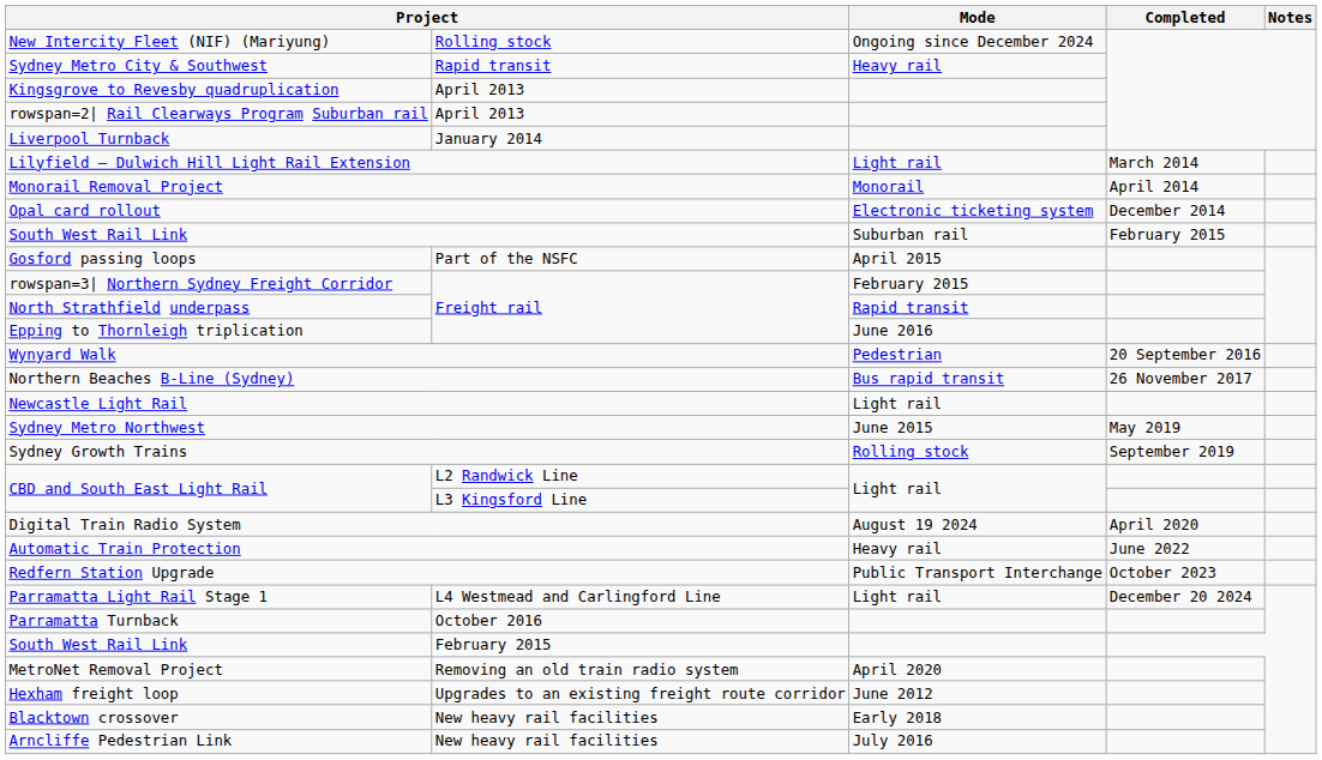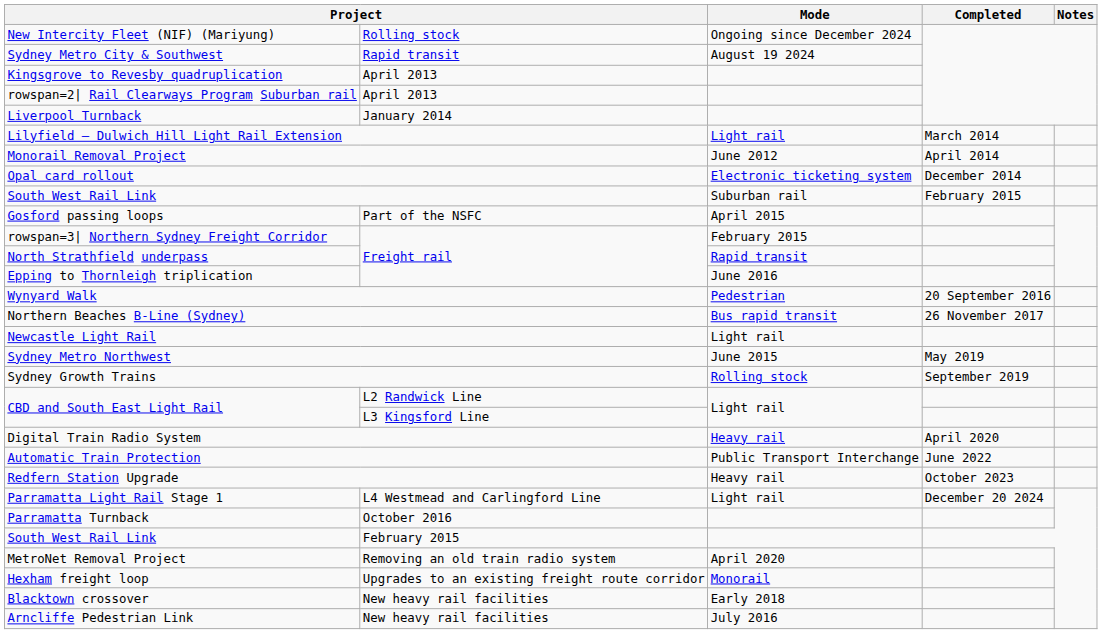 <table class="wikitable sortable">
 <tr>
 <th colspan=2>Project</th>
 <th>Mode</th>
 <th>Completed</th>
 <th>Notes</th>
 </tr>
 <tr>
 <td><a href='#'>New Intercity Fleet</a> (NIF) (Mariyung)</td>
 <td><a href='#'>Rolling stock</a></td>
 <td>Ongoing since December 2024</td>
 </tr>
 <tr>
 <td><a href='#'>Sydney Metro City & Southwest</a></td>
 <td><a href='#'>Rapid transit</a></td>
-<td><a href='#'>Heavy rail</a></td>
+<td>August 19 2024</td>
 </tr>
 <tr>
 <td><a href='#'>Kingsgrove to Revesby quadruplication</a></td>
 <td>April 2013</td>
 <td></td>
 </tr>
 <tr>
 <td>rowspan=2| <a href='#'>Rail Clearways Program</a> <a href='#'>Suburban rail</a></td>
 <td>April 2013</td>
 <td></td>
 </tr>
 <tr>
 <td><a href='#'>Liverpool Turnback</a></td>
 <td>January 2014</td>
 <td></td>
 </tr>
 <tr>
 <td colspan=2><a href='#'>Lilyfield – Dulwich Hill Light Rail Extension</a></td>
 <td><a href='#'>Light rail</a></td>
 <td>March 2014</td>
 <td></td>
 </tr>
 <tr>
 <td colspan=2><a href='#'>Monorail Removal Project</a></td>
-<td><a href='#'>Monorail</a></td>
+<td>June 2012</td>
 <td>April 2014</td>
 <td></td>
 </tr>
 <tr>
 <td colspan=2><a href='#'>Opal card rollout</a></td>
 <td><a href='#'>Electronic ticketing system</a></td>
 <td>December 2014</td>
 <td></td>
 </tr>
 <tr>
 <td colspan=2><a href='#'>South West Rail Link</a></td>
 <td>Suburban rail</td>
 <td>February 2015</td>
 <td></td>
 </tr>
 <tr>
 <td><a href='#'>Gosford</a> passing loops</td>
 <td>Part of the NSFC</td>
 <td>April 2015</td>
 <td></td>
 </tr>
 <tr>
 <td>rowspan=3| <a href='#'>Northern Sydney Freight Corridor</a></td>
 <td rowspan=3><a href='#'>Freight rail</a></td>
 <td>February 2015</td>
 <td></td>
 </tr>
 <tr>
 <td><a href='#'>North Strathfield</a> <a href='#'>underpass</a></td>
 <td><a href='#'>Rapid transit</a></td>
 <td></td>
 </tr>
 <tr>
 <td><a href='#'>Epping</a> to <a href='#'>Thornleigh</a> triplication</td>
 <td>June 2016</td>
 <td></td>
 </tr>
 <tr>
 <td colspan=2><a href='#'>Wynyard Walk</a></td>
 <td><a href='#'>Pedestrian</a></td>
 <td>20 September 2016</td>
 <td></td>
 </tr>
 <tr>
 <td colspan=2>Northern Beaches <a href='#'>B-Line (Sydney)</a></td>
 <td><a href='#'>Bus rapid transit</a></td>
 <td>26 November 2017</td>
 <td></td>
 </tr>
 <tr>
 <td colspan=2><a href='#'>Newcastle Light Rail</a></td>
 <td>Light rail</td>
 <td></td>
 <td></td>
 </tr>
 <tr>
 <td colspan=2><a href='#'>Sydney Metro Northwest</a></td>
 <td>June 2015</td>
 <td>May 2019</td>
 <td></td>
 </tr>
 <tr>
 <td colspan=2>Sydney Growth Trains</td>
 <td><a href='#'>Rolling stock</a></td>
 <td>September 2019</td>
 <td></td>
 </tr>
 <tr>
 <td rowspan=2><a href='#'>CBD and South East Light Rail</a></td>
 <td>L2 <a href='#'>Randwick</a> Line</td>
 <td rowspan=2>Light rail</td>
 <td></td>
 <td></td>
 </tr>
 <tr>
 <td>L3 <a href='#'>Kingsford</a> Line</td>
 <td></td>
 <td></td>
 </tr>
 <tr>
 <td colspan=2>Digital Train Radio System</td>
-<td>August 19 2024</td>
+<td><a href='#'>Heavy rail</a></td>
 <td>April 2020</td>
 <td></td>
 </tr>
 <tr>
 <td colspan=2><a href='#'>Automatic Train Protection</a></td>
-<td>Heavy rail</td>
+<td>Public Transport Interchange</td>
 <td>June 2022</td>
 <td></td>
 </tr>
 <tr>
 <td colspan=2><a href='#'>Redfern Station</a> Upgrade</td>
-<td>Public Transport Interchange</td>
+<td>Heavy rail</td>
 <td>October 2023</td>
 <td></td>
 </tr>
 <tr>
 <td><a href='#'>Parramatta Light Rail</a> Stage 1</td>
 <td>L4 Westmead and Carlingford Line</td>
 <td>Light rail</td>
 <td>December 20 2024</td>
 </tr>
 <tr>
 <td><a href='#'>Parramatta</a> Turnback</td>
 <td>October 2016</td>
 <td></td>
 <td></td>
 </tr>
 <tr>
 <td><a href='#'>South West Rail Link</a></td>
 <td>February 2015</td>
 <td></td>
 </tr>
 <tr>
 <td>MetroNet Removal Project</td>
 <td>Removing an old train radio system</td>
 <td>April 2020</td>
 <td></td>
 </tr>
 <tr>
 <td><a href='#'>Hexham</a> freight loop</td>
 <td>Upgrades to an existing freight route corridor</td>
-<td>June 2012</td>
+<td><a href='#'>Monorail</a></td>
 <td></td>
 </tr>
 <tr>
 <td><a href='#'>Blacktown</a> crossover</td>
 <td>New heavy rail facilities</td>
 <td>Early 2018</td>
 <td></td>
 </tr>
 <tr>
 <td><a href='#'>Arncliffe</a> Pedestrian Link</td>
 <td>New heavy rail facilities</td>
 <td>July 2016</td>
 <td></td>
 </tr>
 </table>
